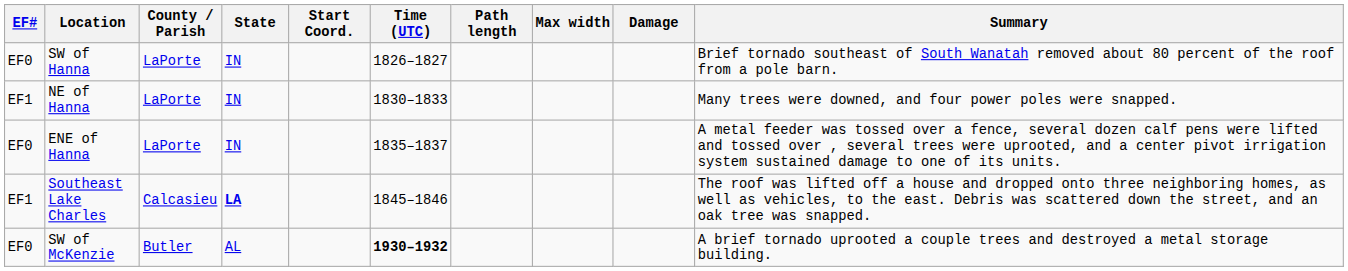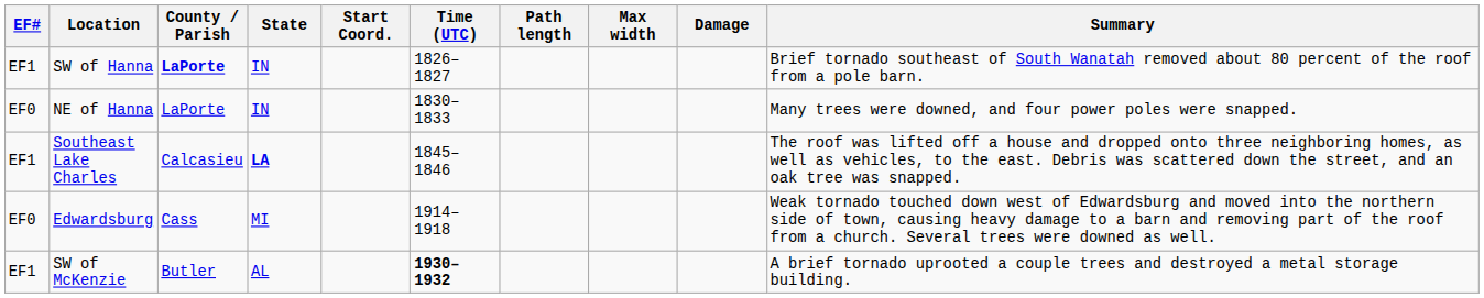 <table class="wikitable sortable" style="width:100%;">
 <tr>
 <th scope="col"  style="width:3%; text-align:center;"><a href='#'>EF#</a></th>
 <th scope="col"  style="width:7%; text-align:center;" class="unsortable">Location</th>
 <th scope="col"  style="width:6%; text-align:center;" class="unsortable">County / Parish</th>
 <th scope="col"  style="width:5%; text-align:center;">State</th>
 <th scope="col"  style="width:6%; text-align:center;">Start Coord.</th>
 <th scope="col"  style="width:6%; text-align:center;">Time (<a href='#'>UTC</a>)</th>
 <th scope="col"  style="width:6%; text-align:center;">Path length</th>
 <th scope="col"  style="width:6%; text-align:center;">Max width</th>
 <th scope="col"  style="width:6%; text-align:center;">Damage</th>
 <th scope="col" class="unsortable" style="width:48%; text-align:center;">Summary</th>
 </tr>
 <tr>
-<td>EF0</td>
+<td>EF1</td>
 <td>SW of <a href='#'>Hanna</a></td>
-<td><a href='#'>LaPorte</a></td>
+<td><strong><a href='#'>LaPorte</a></strong></td>
 <td><a href='#'>IN</a></td>
 <td></td>
 <td>1826–1827</td>
 <td></td>
 <td></td>
 <td></td>
 <td>Brief tornado southeast of <a href='#'>South Wanatah</a> removed about 80 percent of the roof from a pole barn.</td>
 </tr>
 <tr>
-<td>EF1</td>
+<td>EF0</td>
 <td>NE of <a href='#'>Hanna</a></td>
 <td><a href='#'>LaPorte</a></td>
 <td><a href='#'>IN</a></td>
 <td></td>
 <td>1830–1833</td>
 <td></td>
 <td></td>
 <td></td>
 <td>Many trees were downed, and four power poles were snapped.</td>
-</tr>
-<tr>
-<td>EF0</td>
-<td>ENE of <a href='#'>Hanna</a></td>
-<td><a href='#'>LaPorte</a></td>
-<td><a href='#'>IN</a></td>
-<td></td>
-<td>1835–1837</td>
-<td></td>
-<td></td>
-<td></td>
-<td>A  metal feeder was tossed over a fence, several dozen calf pens were lifted and tossed over , several trees were uprooted, and a center pivot irrigation system sustained damage to one of its units.</td>
 </tr>
 <tr>
 <td>EF1</td>
 <td><a href='#'>Southeast Lake Charles</a></td>
 <td><a href='#'>Calcasieu</a></td>
 <td><strong><a href='#'>LA</a></strong></td>
 <td></td>
 <td>1845–1846</td>
 <td></td>
 <td></td>
 <td></td>
 <td>The roof was lifted off a house and dropped onto three neighboring homes, as well as vehicles, to the east. Debris was scattered down the street, and an oak tree was snapped.</td>
 </tr>
 <tr>
 <td>EF0</td>
+<td><a href='#'>Edwardsburg</a></td>
+<td><a href='#'>Cass</a></td>
+<td><a href='#'>MI</a></td>
+<td></td>
+<td>1914–1918</td>
+<td></td>
+<td></td>
+<td></td>
+<td>Weak tornado touched down west of Edwardsburg and moved into the northern side of town, causing heavy damage to a barn and removing part of the roof from a church. Several trees were downed as well.</td>
+</tr>
+<tr>
+<td>EF1</td>
 <td>SW of <a href='#'>McKenzie</a></td>
 <td><a href='#'>Butler</a></td>
 <td><a href='#'>AL</a></td>
 <td></td>
 <td><strong>1930–1932</strong></td>
 <td></td>
 <td></td>
 <td></td>
 <td>A brief tornado uprooted a couple trees and destroyed a metal storage building.</td>
 </tr>
 </table>
